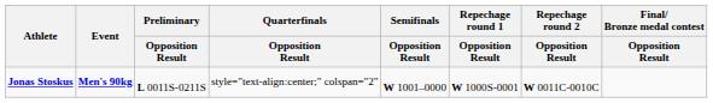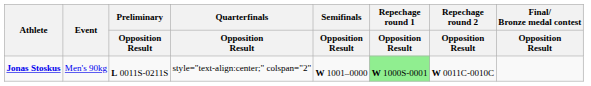 <table class=wikitable style="font-size:90%">
 <tr>
 <th rowspan="2">Athlete</th>
 <th rowspan="2">Event</th>
 <th>Preliminary</th>
 <th>Quarterfinals</th>
 <th>Semifinals</th>
 <th>Repechage <br>round 1</th>
 <th>Repechage <br>round 2</th>
 <th>Final/<br>Bronze medal contest</th>
 </tr>
 <tr>
 <th>Opposition<br>Result</th>
 <th>Opposition<br>Result</th>
 <th>Opposition<br>Result</th>
 <th>Opposition<br>Result</th>
 <th>Opposition<br>Result</th>
 <th>Opposition<br>Result</th>
 </tr>
 <tr>
 <td><strong><a href='#'>Jonas Stoskus</a></strong></td>
-<td style="text-align:center;"><strong><a href='#'>Men's 90kg</a></strong></td>
+<td style="text-align:center;"><a href='#'>Men's 90kg</a></td>
 <td style="text-align:center;"><br> <strong>L</strong> 0011S-0211S</td>
 <td>style="text-align:center;" colspan="2" </td>
 <td style="text-align:center;"><br> <strong>W</strong> 1001–0000</td>
-<td style="text-align:center;"><br> <strong>W</strong> 1000S-0001</td>
+<td style="background: lightgreen; text-align:center;"><br> <strong>W</strong> 1000S-0001</td>
 <td style="text-align:center;"><br> <strong>W</strong> 0011C-0010C </td>
 </tr>
 </table>
